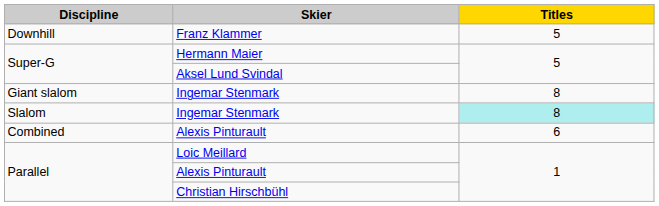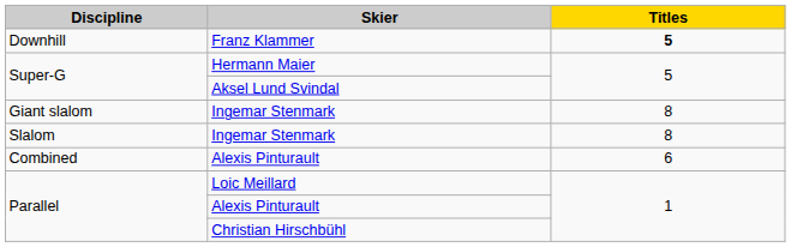 <table class="wikitable" width=80% style="font-size:85%; text-align:left;">
 <tr style="background:#ccc; text-align:center;">
 <th style="background-color: #ccc;" width="80">Discipline</th>
 <th style="background-color: #ccc;" width="140">Skier</th>
 <th style="background:gold; width:30%">Titles</th>
 </tr>
 <tr>
 <td>Downhill</td>
 <td> <a href='#'>Franz Klammer</a></td>
-<td align=center>5</td>
+<td align=center><strong>5</strong></td>
 </tr>
 <tr>
 <td rowspan=2>Super-G</td>
 <td> <a href='#'>Hermann Maier</a></td>
 <td rowspan=2 align=center>5</td>
 </tr>
 <tr>
 <td> <a href='#'>Aksel Lund Svindal</a></td>
 </tr>
 <tr>
 <td>Giant slalom</td>
 <td> <a href='#'>Ingemar Stenmark</a></td>
 <td align=center>8</td>
 </tr>
 <tr>
 <td>Slalom</td>
 <td> <a href='#'>Ingemar Stenmark</a></td>
-<td align=center style="background: paleturquoise;">8</td>
+<td align=center>8</td>
 </tr>
 <tr>
 <td>Combined</td>
 <td> <a href='#'>Alexis Pinturault</a></td>
 <td align=center>6</td>
 </tr>
 <tr>
 <td rowspan="3">Parallel</td>
 <td> <a href='#'>Loic Meillard</a></td>
 <td rowspan="3" align="center">1</td>
 </tr>
 <tr>
 <td> <a href='#'>Alexis Pinturault</a></td>
 </tr>
 <tr>
 <td> <a href='#'>Christian Hirschbühl</a></td>
 </tr>
 </table>
